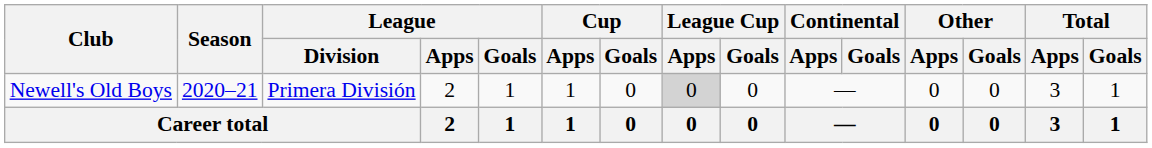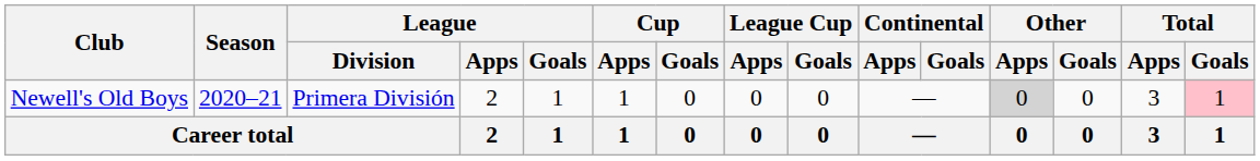 <table class="wikitable" style="text-align:center">
 <tr>
 <th rowspan="2">Club</th>
 <th rowspan="2">Season</th>
 <th colspan="3">League</th>
 <th colspan="2">Cup</th>
 <th colspan="2">League Cup</th>
 <th colspan="2">Continental</th>
 <th colspan="2">Other</th>
 <th colspan="2">Total</th>
 </tr>
 <tr>
 <th>Division</th>
 <th>Apps</th>
 <th>Goals</th>
 <th>Apps</th>
 <th>Goals</th>
 <th>Apps</th>
 <th>Goals</th>
 <th>Apps</th>
 <th>Goals</th>
 <th>Apps</th>
 <th>Goals</th>
 <th>Apps</th>
 <th>Goals</th>
 </tr>
 <tr>
 <td rowspan="1"><a href='#'>Newell's Old Boys</a></td>
 <td><a href='#'>2020–21</a></td>
 <td rowspan="1"><a href='#'>Primera División</a></td>
 <td>2</td>
 <td>1</td>
 <td>1</td>
 <td>0</td>
+<td>0</td>
+<td>0</td>
+<td colspan="2">—</td>
 <td style="background: lightgrey;">0</td>
 <td>0</td>
-<td colspan="2">—</td>
-<td>0</td>
-<td>0</td>
 <td>3</td>
-<td>1</td>
+<td style="background: pink;">1</td>
 </tr>
 <tr>
 <th colspan="3">Career total</th>
 <th>2</th>
 <th>1</th>
 <th>1</th>
 <th>0</th>
 <th>0</th>
 <th>0</th>
 <th colspan="2">—</th>
 <th>0</th>
 <th>0</th>
 <th>3</th>
 <th>1</th>
 </tr>
 </table>
